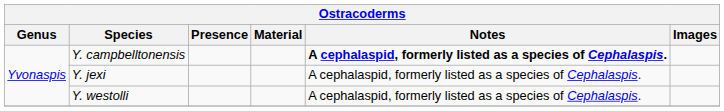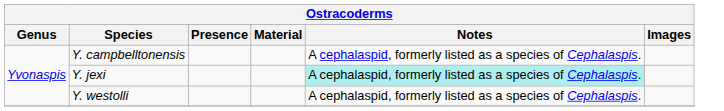 <table class="wikitable" align="center">
 <tr>
 <th colspan="6" align="center"><strong><a href='#'>Ostracoderms</a></strong></th>
 </tr>
 <tr>
 <th>Genus</th>
 <th>Species</th>
 <th>Presence</th>
 <th><strong>Material</strong></th>
 <th>Notes</th>
 <th>Images</th>
 </tr>
 <tr>
 <td rowspan=3><em><a href='#'>Yvonaspis</a></em></td>
 <td><em>Y. campbelltonensis</em></td>
 <td></td>
 <td></td>
-<td><strong>A <a href='#'>cephalaspid</a>, formerly listed as a species of <em><a href='#'>Cephalaspis</a></em>.</strong></td>
+<td>A <a href='#'>cephalaspid</a>, formerly listed as a species of <em><a href='#'>Cephalaspis</a></em>.</td>
 <td></td>
 </tr>
 <tr>
 <td><em>Y. jexi</em></td>
 <td></td>
 <td></td>
-<td>A cephalaspid, formerly listed as a species of <em><a href='#'>Cephalaspis</a></em>.</td>
+<td style="background: paleturquoise;">A cephalaspid, formerly listed as a species of <em><a href='#'>Cephalaspis</a></em>.</td>
 <td></td>
 </tr>
 <tr>
 <td><em>Y. westolli</em></td>
 <td></td>
 <td></td>
 <td>A cephalaspid, formerly listed as a species of <em><a href='#'>Cephalaspis</a></em>.</td>
 <td></td>
 </tr>
 <tr>
 </tr>
 </table>
